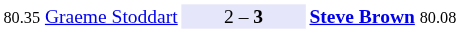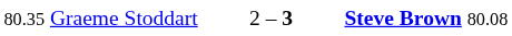 <table style="text-align:center">
 <tr>
 <th width=223></th>
 <th width=100></th>
 <th width=223></th>
 </tr>
 <tr>
 <td align=right><small>80.35</small> <a href='#'>Graeme Stoddart</a> </td>
-<td style="background: lavender;">2 – <strong>3</strong></td>
+<td>2 – <strong>3</strong></td>
 <td align=left> <strong><a href='#'>Steve Brown</a></strong> <small>80.08</small></td>
 </tr>
 </table>
